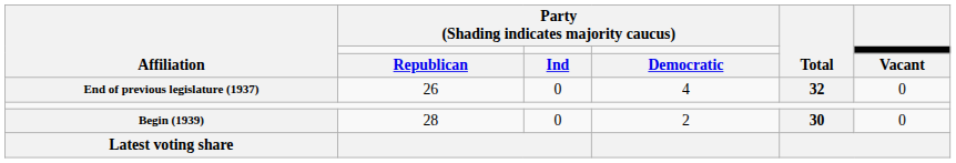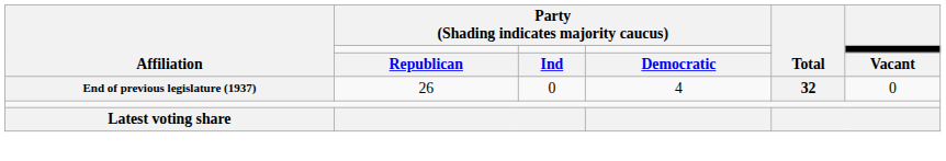 <table class=wikitable style="text-align:center; width:50%">
 <tr style="vertical-align:bottom;">
 <th rowspan=3>Affiliation</th>
 <th colspan=3>Party <div>(Shading indicates majority caucus)</div></th>
 <th rowspan=3>Total</th>
 <th></th>
 </tr>
 <tr style="height:5px">
 <td style="background-color:"></td>
 <td style="background-color:"></td>
 <td style="background-color:"></td>
 <td style="background-color:black"></td>
 </tr>
 <tr>
 <th><a href='#'>Republican</a></th>
 <th><a href='#'>Ind</a></th>
 <th><a href='#'>Democratic</a></th>
 <th>Vacant</th>
 </tr>
 <tr>
 <th nowrap style="font-size:80%">End of previous legislature (1937)</th>
 <td>26</td>
 <td>0</td>
 <td>4</td>
 <th>32</th>
 <td>0</td>
 </tr>
 <tr>
 <td colspan=6></td>
 </tr>
 <tr>
-<th nowrap style="font-size:80%">Begin (1939)</th>
-<td>28</td>
-<td>0</td>
-<td>2</td>
-<th>30</th>
-<td>0</td>
-</tr>
-<tr>
 <th>Latest voting share</th>
 <th colspan=2 ></th>
 <th></th>
 <th colspan=2></th>
 </tr>
 </table>
